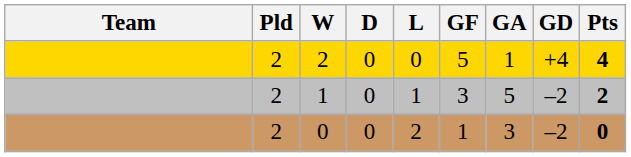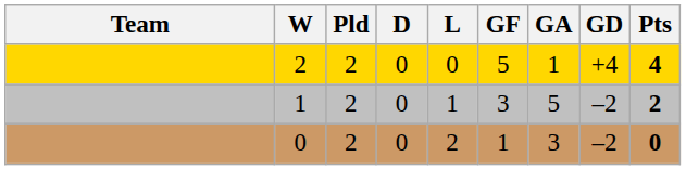 <table class="wikitable" style="text-align: center;">
 <tr>
 <th width=165>Team</th>
+<th width=25>W</th>
 <th width=25>Pld</th>
-<th width=25>W</th>
 <th width=25>D</th>
 <th width=25>L</th>
 <th width=25>GF</th>
 <th width=25>GA</th>
 <th width=25>GD</th>
 <th width=25>Pts</th>
 </tr>
 <tr bgcolor=gold>
 <td align="left"></td>
 <td>2</td>
 <td>2</td>
 <td>0</td>
 <td>0</td>
 <td>5</td>
 <td>1</td>
 <td>+4</td>
 <td><strong>4</strong></td>
 </tr>
 <tr bgcolor=silver>
 <td align="left"></td>
+<td>1</td>
 <td>2</td>
-<td>1</td>
 <td>0</td>
 <td>1</td>
 <td>3</td>
 <td>5</td>
 <td>–2</td>
 <td><strong>2</strong></td>
 </tr>
 <tr bgcolor=#cc9966>
 <td align="left"></td>
+<td>0</td>
 <td>2</td>
-<td>0</td>
 <td>0</td>
 <td>2</td>
 <td>1</td>
 <td>3</td>
 <td>–2</td>
 <td><strong>0</strong></td>
 </tr>
 </table>
